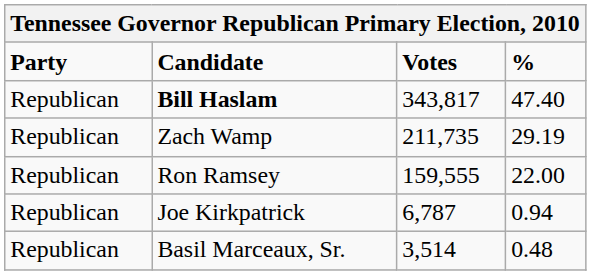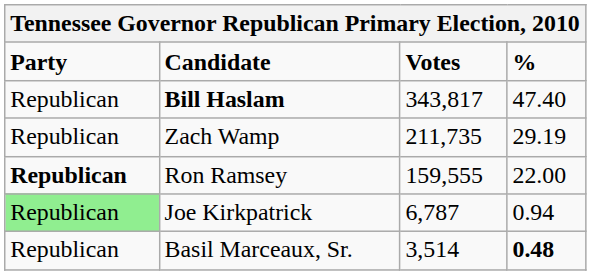 <table class="wikitable">
 <tr>
 <th colspan="4">Tennessee Governor Republican Primary Election, 2010</th>
 </tr>
 <tr>
 <td><strong>Party</strong></td>
 <td><strong>Candidate</strong></td>
 <td><strong>Votes</strong></td>
 <td><strong>%</strong></td>
 </tr>
 <tr>
 <td>Republican</td>
 <td><strong>Bill Haslam</strong></td>
 <td>343,817</td>
 <td>47.40</td>
 </tr>
 <tr>
 <td>Republican</td>
 <td>Zach Wamp</td>
 <td>211,735</td>
 <td>29.19</td>
 </tr>
 <tr>
-<td>Republican</td>
+<td><strong>Republican</strong></td>
 <td>Ron Ramsey</td>
 <td>159,555</td>
 <td>22.00</td>
 </tr>
 <tr>
-<td>Republican</td>
+<td style="background: lightgreen;">Republican</td>
 <td>Joe Kirkpatrick</td>
 <td>6,787</td>
 <td>0.94</td>
 </tr>
 <tr>
 <td>Republican</td>
 <td>Basil Marceaux, Sr.</td>
 <td>3,514</td>
-<td>0.48</td>
+<td><strong>0.48</strong></td>
 </tr>
 </table>
